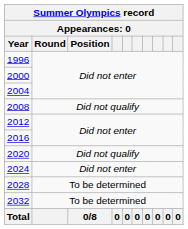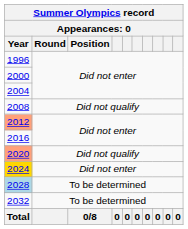 <table class="wikitable" style="text-align: center;font-size:90%;">
 <tr>
 <th colspan=10><a href='#'>Summer Olympics</a> record</th>
 </tr>
 <tr>
 <th colspan=10>Appearances: 0</th>
 </tr>
 <tr>
 <th>Year</th>
 <th>Round</th>
 <th>Position</th>
 <th></th>
 <th></th>
 <th></th>
 <th></th>
 <th></th>
 <th></th>
 <th></th>
 </tr>
 <tr>
 <td> <a href='#'>1996</a></td>
 <td rowspan=3 colspan=9><em>Did not enter</em></td>
 </tr>
 <tr>
 <td> <a href='#'>2000</a></td>
 </tr>
 <tr>
 <td> <a href='#'>2004</a></td>
 </tr>
 <tr>
 <td> <a href='#'>2008</a></td>
 <td colspan=9><em>Did not qualify</em></td>
 </tr>
 <tr>
-<td> <a href='#'>2012</a></td>
+<td style="background: lightsalmon;"> <a href='#'>2012</a></td>
 <td rowspan=2 colspan=9><em>Did not enter</em></td>
 </tr>
 <tr>
 <td> <a href='#'>2016</a></td>
 </tr>
 <tr>
-<td> <a href='#'>2020</a></td>
+<td style="background: lightsalmon;"> <a href='#'>2020</a></td>
 <td colspan=9><em>Did not qualify</em></td>
 </tr>
 <tr>
-<td> <a href='#'>2024</a></td>
+<td style="background: gold;"> <a href='#'>2024</a></td>
 <td colspan=9><em>Did not enter</em></td>
 </tr>
 <tr>
-<td> <a href='#'>2028</a></td>
+<td style="background: lightblue;"> <a href='#'>2028</a></td>
 <td colspan=9>To be determined</td>
 </tr>
 <tr>
 <td> <a href='#'>2032</a></td>
 <td colspan=9>To be determined</td>
 </tr>
 <tr>
 <th>Total</th>
 <th></th>
 <th>0/8</th>
 <th>0</th>
 <th>0</th>
 <th>0</th>
 <th>0</th>
 <th>0</th>
 <th>0</th>
 <th>0</th>
 </tr>
 </table>
